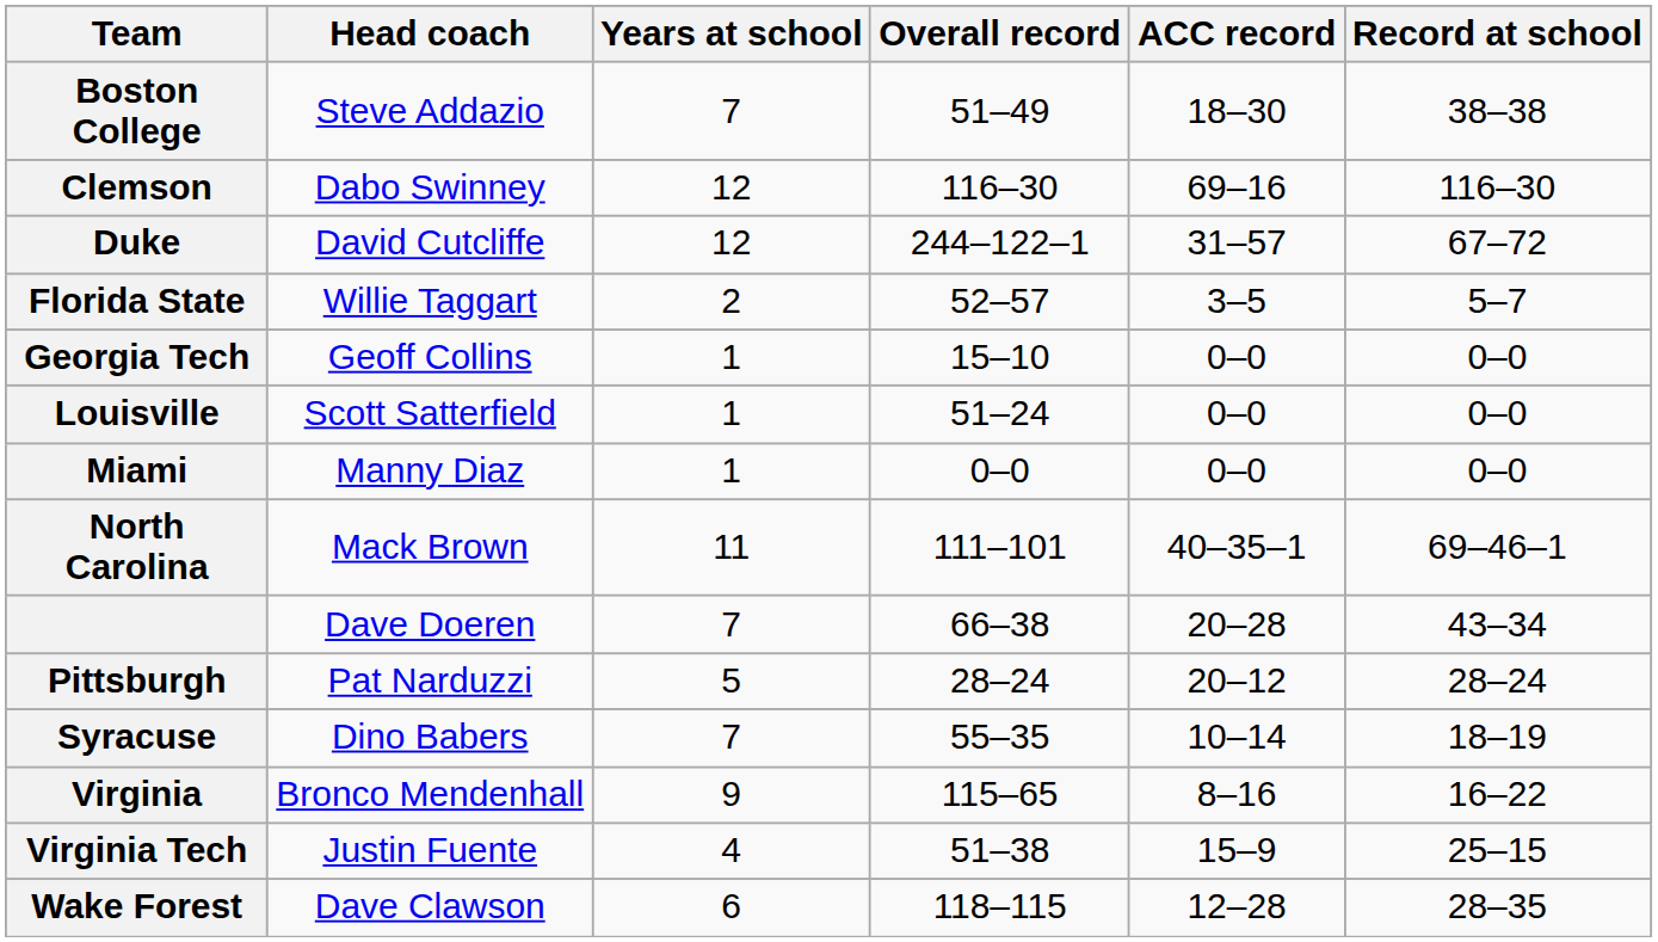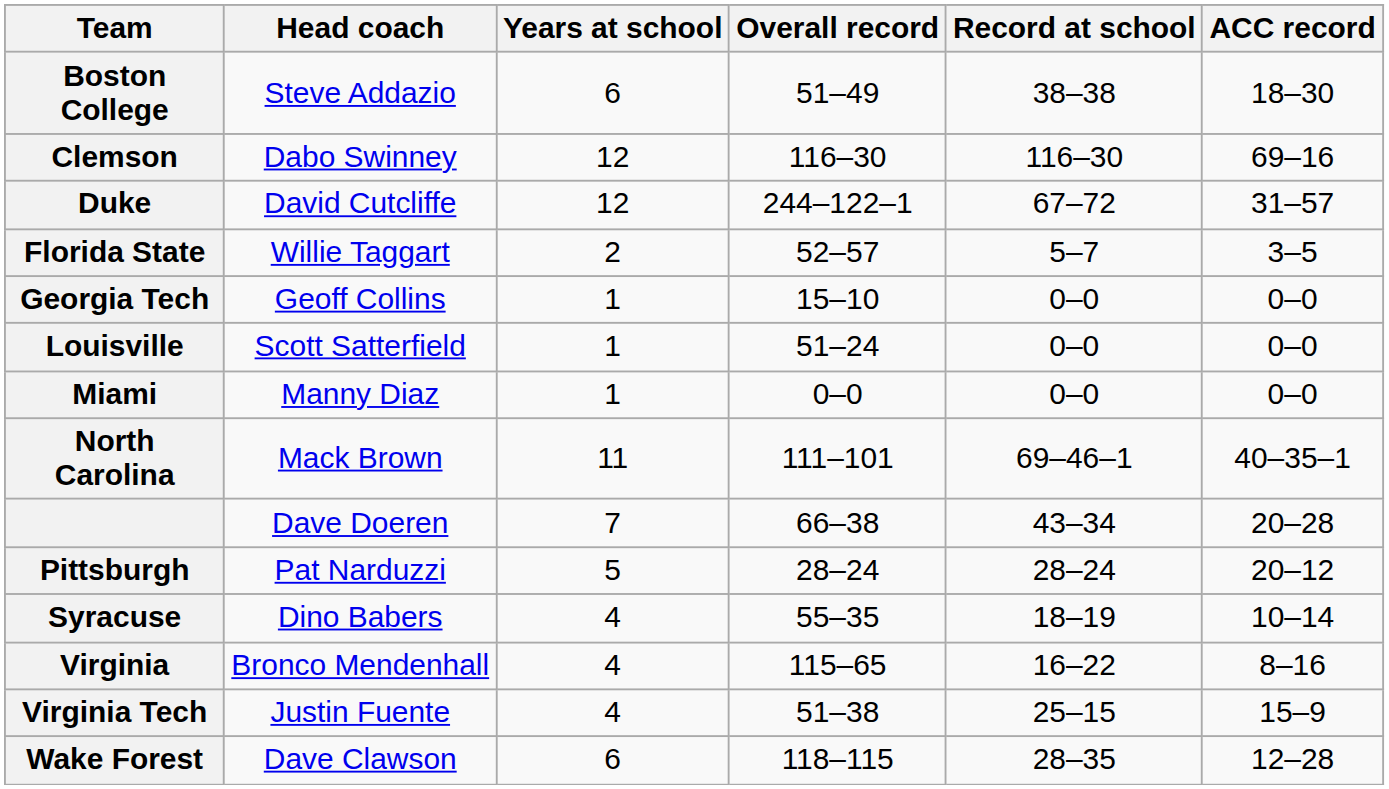 <table class="wikitable sortable" style="text-align: center;">
 <tr>
 <th width="110">Team</th>
 <th>Head coach</th>
 <th>Years at school</th>
 <th>Overall record</th>
+<th>Record at school</th>
 <th>ACC record</th>
-<th>Record at school</th>
 </tr>
 <tr>
 <th>Boston College</th>
 <td><a href='#'>Steve Addazio</a></td>
-<td>7</td>
+<td>6</td>
 <td>51–49</td>
+<td>38–38</td>
 <td>18–30</td>
-<td>38–38</td>
 </tr>
 <tr>
 <th>Clemson</th>
 <td><a href='#'>Dabo Swinney</a></td>
 <td>12</td>
 <td>116–30</td>
+<td>116–30</td>
 <td>69–16</td>
-<td>116–30</td>
 </tr>
 <tr>
 <th>Duke</th>
 <td><a href='#'>David Cutcliffe</a></td>
 <td>12</td>
 <td>244–122–1</td>
+<td>67–72</td>
 <td>31–57</td>
-<td>67–72</td>
 </tr>
 <tr>
 <th>Florida State</th>
 <td><a href='#'>Willie Taggart</a></td>
 <td>2</td>
 <td>52–57</td>
+<td>5–7</td>
 <td>3–5</td>
-<td>5–7</td>
 </tr>
 <tr>
 <th>Georgia Tech</th>
 <td><a href='#'>Geoff Collins</a></td>
 <td>1</td>
 <td>15–10</td>
 <td>0–0</td>
 <td>0–0</td>
 </tr>
 <tr>
 <th>Louisville</th>
 <td><a href='#'>Scott Satterfield</a></td>
 <td>1</td>
 <td>51–24</td>
 <td>0–0</td>
 <td>0–0</td>
 </tr>
 <tr>
 <th>Miami</th>
 <td><a href='#'>Manny Diaz</a></td>
 <td>1</td>
 <td>0–0</td>
 <td>0–0</td>
 <td>0–0</td>
 </tr>
 <tr>
 <th>North Carolina</th>
 <td><a href='#'>Mack Brown</a></td>
 <td>11</td>
 <td>111–101</td>
+<td>69–46–1</td>
 <td>40–35–1</td>
-<td>69–46–1</td>
 </tr>
 <tr>
 <th></th>
 <td><a href='#'>Dave Doeren</a></td>
 <td>7</td>
 <td>66–38</td>
+<td>43–34</td>
 <td>20–28</td>
-<td>43–34</td>
 </tr>
 <tr>
 <th>Pittsburgh</th>
 <td><a href='#'>Pat Narduzzi</a></td>
 <td>5</td>
 <td>28–24</td>
+<td>28–24</td>
 <td>20–12</td>
-<td>28–24</td>
 </tr>
 <tr>
 <th>Syracuse</th>
 <td><a href='#'>Dino Babers</a></td>
-<td>7</td>
+<td>4</td>
 <td>55–35</td>
+<td>18–19</td>
 <td>10–14</td>
-<td>18–19</td>
 </tr>
 <tr>
 <th>Virginia</th>
 <td><a href='#'>Bronco Mendenhall</a></td>
-<td>9</td>
+<td>4</td>
 <td>115–65</td>
+<td>16–22</td>
 <td>8–16</td>
-<td>16–22</td>
 </tr>
 <tr>
 <th>Virginia Tech</th>
 <td><a href='#'>Justin Fuente</a></td>
 <td>4</td>
 <td>51–38</td>
+<td>25–15</td>
 <td>15–9</td>
-<td>25–15</td>
 </tr>
 <tr>
 <th>Wake Forest</th>
 <td><a href='#'>Dave Clawson</a></td>
 <td>6</td>
 <td>118–115</td>
+<td>28–35</td>
 <td>12–28</td>
-<td>28–35</td>
 </tr>
 </table>
